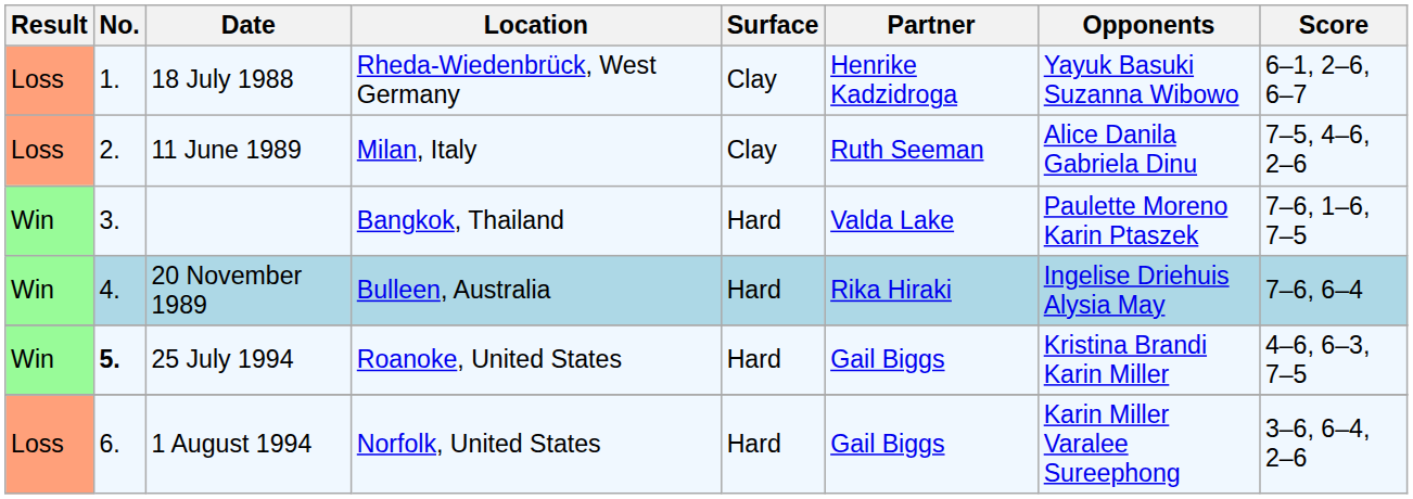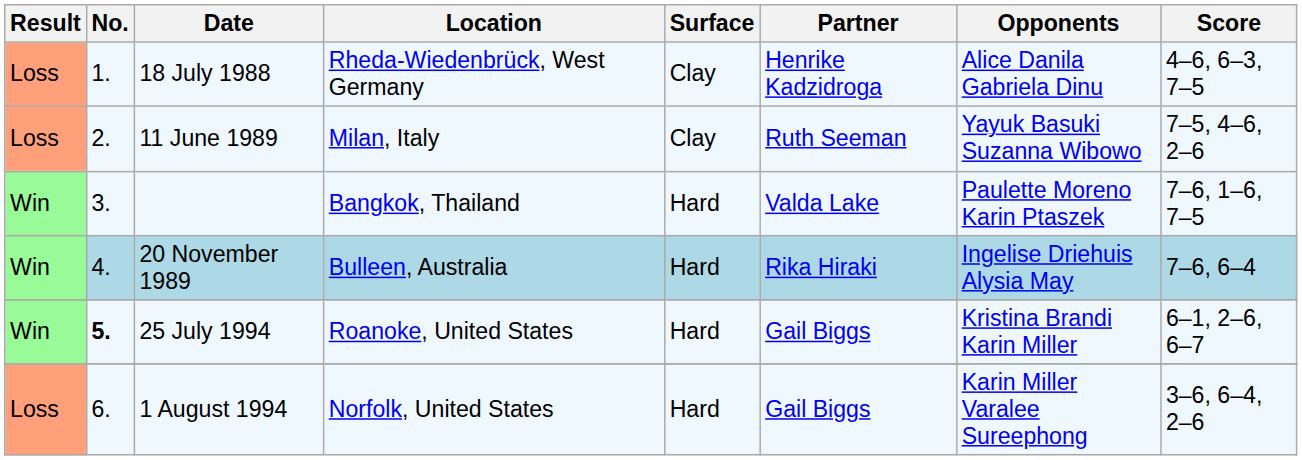 <table class="sortable wikitable" style="font-size:97%;">
 <tr>
 <th>Result</th>
 <th>No.</th>
 <th>Date</th>
 <th>Location</th>
 <th>Surface</th>
 <th>Partner</th>
 <th>Opponents</th>
 <th>Score</th>
 </tr>
 <tr style="background:#f0f8ff;">
 <td style="background:#ffa07a;">Loss</td>
 <td>1.</td>
 <td>18 July 1988</td>
 <td><a href='#'>Rheda-Wiedenbrück</a>, West Germany</td>
 <td>Clay</td>
 <td> <a href='#'>Henrike Kadzidroga</a></td>
-<td> <a href='#'>Yayuk Basuki</a> <br>  <a href='#'>Suzanna Wibowo</a></td>
-<td>6–1, 2–6, 6–7</td>
+<td> <a href='#'>Alice Danila</a> <br>  <a href='#'>Gabriela Dinu</a></td>
+<td>4–6, 6–3, 7–5</td>
 </tr>
 <tr style="background:#f0f8ff;">
 <td style="background:#ffa07a;">Loss</td>
 <td>2.</td>
 <td>11 June 1989</td>
 <td><a href='#'>Milan</a>, Italy</td>
 <td>Clay</td>
 <td> <a href='#'>Ruth Seeman</a></td>
-<td> <a href='#'>Alice Danila</a> <br>  <a href='#'>Gabriela Dinu</a></td>
+<td> <a href='#'>Yayuk Basuki</a> <br>  <a href='#'>Suzanna Wibowo</a></td>
 <td>7–5, 4–6, 2–6</td>
 </tr>
 <tr style="background:#f0f8ff;">
 <td style="background:#98fb98;">Win</td>
 <td>3.</td>
 <td></td>
 <td><a href='#'>Bangkok</a>, Thailand</td>
 <td>Hard</td>
 <td> <a href='#'>Valda Lake</a></td>
 <td> <a href='#'>Paulette Moreno</a> <br>  <a href='#'>Karin Ptaszek</a></td>
 <td>7–6, 1–6, 7–5</td>
 </tr>
 <tr style="background:lightblue;">
 <td style="background:#98fb98;">Win</td>
 <td>4.</td>
 <td>20 November 1989</td>
 <td><a href='#'>Bulleen</a>, Australia</td>
 <td>Hard</td>
 <td> <a href='#'>Rika Hiraki</a></td>
 <td> <a href='#'>Ingelise Driehuis</a> <br>  <a href='#'>Alysia May</a></td>
 <td>7–6, 6–4</td>
 </tr>
 <tr>
 </tr>
 <tr bgcolor="#f0f8ff">
 <td style="background:#98fb98;">Win</td>
 <td><strong>5.</strong></td>
 <td>25 July 1994</td>
 <td><a href='#'>Roanoke</a>, United States</td>
 <td>Hard</td>
 <td> <a href='#'>Gail Biggs</a></td>
 <td> <a href='#'>Kristina Brandi</a> <br>  <a href='#'>Karin Miller</a></td>
-<td>4–6, 6–3, 7–5</td>
+<td>6–1, 2–6, 6–7</td>
 </tr>
 <tr>
 </tr>
 <tr bgcolor="#f0f8ff">
 <td style="background:#ffa07a;">Loss</td>
 <td>6.</td>
 <td>1 August 1994</td>
 <td><a href='#'>Norfolk</a>, United States</td>
 <td>Hard</td>
 <td> <a href='#'>Gail Biggs</a></td>
 <td> <a href='#'>Karin Miller</a> <br>  <a href='#'>Varalee Sureephong</a></td>
 <td>3–6, 6–4, 2–6</td>
 </tr>
 </table>
